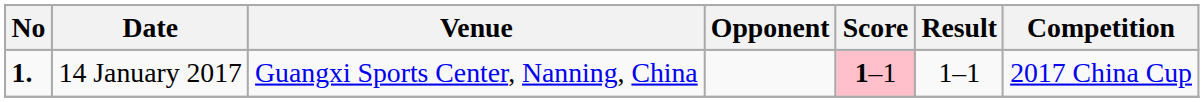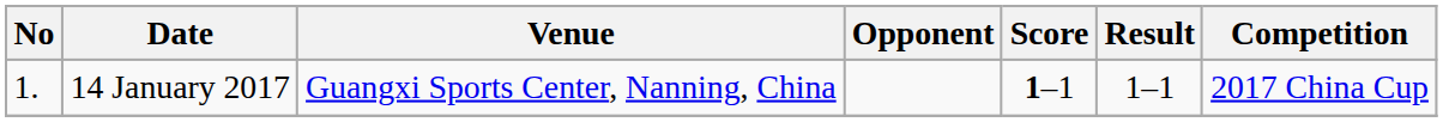 <table class="wikitable" style="font-size:85%;">
 <tr>
 <th>No</th>
 <th>Date</th>
 <th>Venue</th>
 <th>Opponent</th>
 <th>Score</th>
 <th>Result</th>
 <th>Competition</th>
 </tr>
 <tr>
-<td><strong>1.</strong></td>
+<td>1.</td>
 <td>14 January 2017</td>
 <td><a href='#'>Guangxi Sports Center</a>, <a href='#'>Nanning</a>, <a href='#'>China</a></td>
 <td></td>
-<td align=center style="background: pink;"><strong>1</strong>–1</td>
+<td align=center><strong>1</strong>–1</td>
 <td align=center>1–1 </td>
 <td><a href='#'>2017 China Cup</a></td>
 </tr>
 <tr>
 </tr>
 </table>
